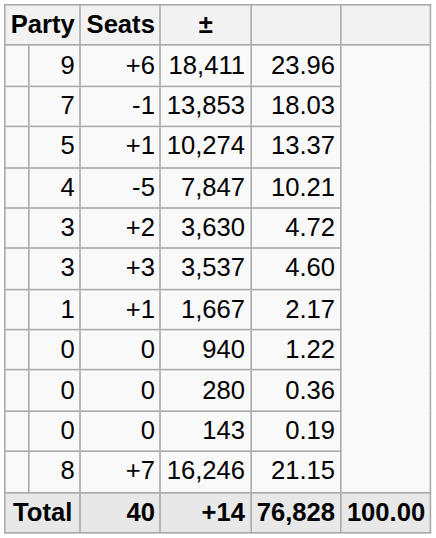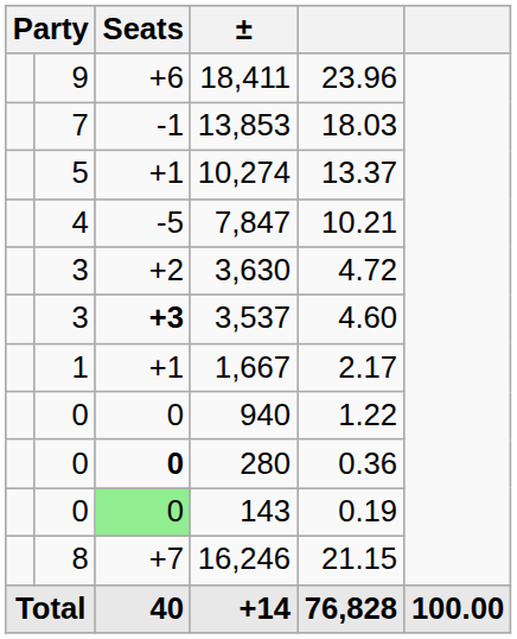 <table class=wikitable>
 <tr>
 <th colspan=2 align=center>Party</th>
 <th>Seats</th>
 <th>±</th>
 <th></th>
 <th></th>
 </tr>
 <tr>
 <td></td>
 <td align=right>9</td>
 <td align=right>+6</td>
 <td align=right>18,411</td>
 <td align=right>23.96</td>
 </tr>
 <tr>
 <td></td>
 <td align=right>7</td>
 <td align=right>-1</td>
 <td align=right>13,853</td>
 <td align=right>18.03</td>
 </tr>
 <tr>
 <td></td>
 <td align=right>5</td>
 <td align=right>+1</td>
 <td align=right>10,274</td>
 <td align=right>13.37</td>
 </tr>
 <tr>
 <td></td>
 <td align=right>4</td>
 <td align=right>-5</td>
 <td align=right>7,847</td>
 <td align=right>10.21</td>
 </tr>
 <tr>
 <td></td>
 <td align=right>3</td>
 <td align=right>+2</td>
 <td align=right>3,630</td>
 <td align=right>4.72</td>
 </tr>
 <tr>
 <td></td>
 <td align=right>3</td>
-<td align=right>+3</td>
+<td align=right><strong>+3</strong></td>
 <td align=right>3,537</td>
 <td align=right>4.60</td>
 </tr>
 <tr>
 <td></td>
 <td align=right>1</td>
 <td align=right>+1</td>
 <td align=right>1,667</td>
 <td align=right>2.17</td>
 </tr>
 <tr>
 <td></td>
 <td align=right>0</td>
 <td align=right>0</td>
 <td align=right>940</td>
 <td align=right>1.22</td>
 </tr>
 <tr>
 <td></td>
 <td align=right>0</td>
-<td align=right>0</td>
+<td align=right><strong>0</strong></td>
 <td align=right>280</td>
 <td align=right>0.36</td>
 </tr>
 <tr>
 <td></td>
 <td align=right>0</td>
-<td align=right>0</td>
+<td align=right style="background: lightgreen;">0</td>
 <td align=right>143</td>
 <td align=right>0.19</td>
 </tr>
 <tr>
 <td></td>
 <td align=right>8</td>
 <td align=right>+7</td>
 <td align=right>16,246</td>
 <td align=right>21.15</td>
 </tr>
 <tr style="font-weight:bold; background:rgb(232,232,232);">
 <td colspan=2 align=center>Total</td>
 <td align=right>40</td>
 <td align=right>+14</td>
 <td align=right>76,828</td>
 <td align=center>100.00</td>
 </tr>
 </table>
